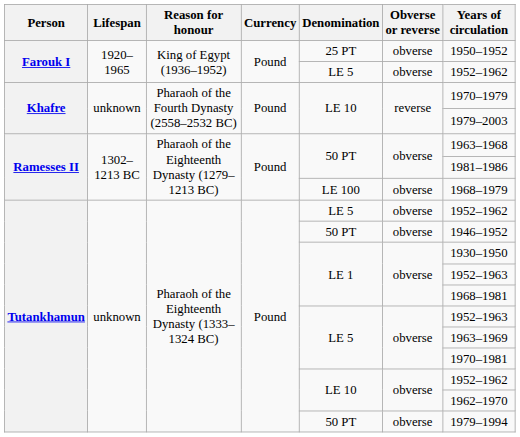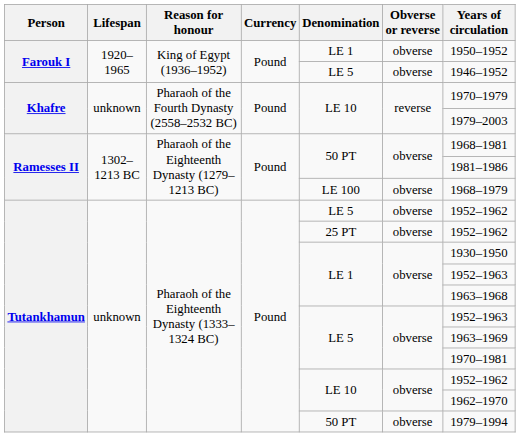 <table class="wikitable" style="font-size:95%; text-align:center;">
 <tr>
 <th>Person</th>
 <th>Lifespan</th>
 <th>Reason for honour</th>
 <th>Currency</th>
 <th>Denomination</th>
 <th>Obverse or reverse</th>
 <th>Years of circulation</th>
 </tr>
 <tr>
 <th rowspan="2"><a href='#'>Farouk I</a></th>
 <td rowspan="2">1920–1965</td>
 <td rowspan="2">King of Egypt (1936–1952)</td>
 <td rowspan="2">Pound</td>
-<td>25 PT</td>
+<td>LE 1</td>
 <td>obverse</td>
 <td>1950–1952</td>
 </tr>
 <tr>
 <td>LE 5</td>
 <td>obverse</td>
-<td>1952–1962</td>
+<td>1946–1952</td>
 </tr>
 <tr>
 <th rowspan="2"><a href='#'>Khafre</a></th>
 <td rowspan="2">unknown</td>
 <td rowspan="2">Pharaoh of the Fourth Dynasty (2558–2532 BC)</td>
 <td rowspan="2">Pound</td>
 <td rowspan="2">LE 10</td>
 <td rowspan="2">reverse</td>
 <td>1970–1979</td>
 </tr>
 <tr>
 <td>1979–2003</td>
 </tr>
 <tr>
 <th rowspan="3"><a href='#'>Ramesses II</a></th>
 <td rowspan="3">1302–1213 BC</td>
 <td rowspan="3">Pharaoh of the Eighteenth Dynasty (1279–1213 BC)</td>
 <td rowspan="3">Pound</td>
 <td rowspan="2">50 PT</td>
 <td rowspan="2">obverse</td>
-<td>1963–1968</td>
+<td>1968–1981</td>
 </tr>
 <tr>
 <td>1981–1986</td>
 </tr>
 <tr>
 <td>LE 100</td>
 <td>obverse</td>
 <td>1968–1979</td>
 </tr>
 <tr>
 <th rowspan="11"><a href='#'>Tutankhamun</a></th>
 <td rowspan="11">unknown</td>
 <td rowspan="11">Pharaoh of the Eighteenth Dynasty (1333–1324 BC)</td>
 <td rowspan="11">Pound</td>
 <td>LE 5</td>
 <td>obverse</td>
 <td>1952–1962</td>
 </tr>
 <tr>
-<td>50 PT</td>
+<td>25 PT</td>
 <td>obverse</td>
-<td>1946–1952</td>
+<td>1952–1962</td>
 </tr>
 <tr>
 <td rowspan="3">LE 1</td>
 <td rowspan="3">obverse</td>
 <td>1930–1950</td>
 </tr>
 <tr>
 <td>1952–1963</td>
 </tr>
 <tr>
-<td>1968–1981</td>
+<td>1963–1968</td>
 </tr>
 <tr>
 <td rowspan="3">LE 5</td>
 <td rowspan="3">obverse</td>
 <td>1952–1963</td>
 </tr>
 <tr>
 <td>1963–1969</td>
 </tr>
 <tr>
 <td>1970–1981</td>
 </tr>
 <tr>
 <td rowspan="2">LE 10</td>
 <td rowspan="2">obverse</td>
 <td>1952–1962</td>
 </tr>
 <tr>
 <td>1962–1970</td>
 </tr>
 <tr>
 <td>50 PT</td>
 <td>obverse</td>
 <td>1979–1994</td>
 </tr>
 </table>
